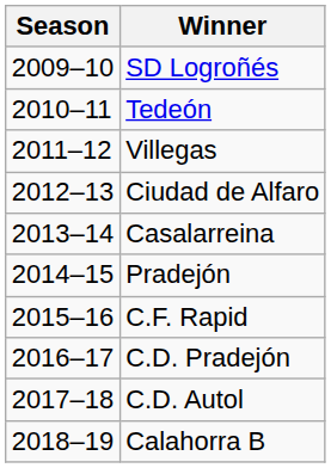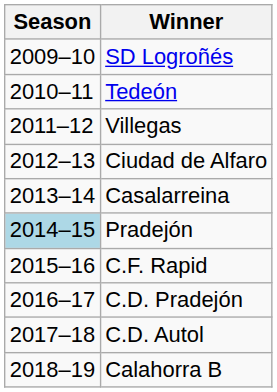 <table class="wikitable">
 <tr>
 <th>Season</th>
 <th>Winner</th>
 </tr>
 <tr>
 <td>2009–10</td>
 <td><a href='#'>SD Logroñés</a></td>
 </tr>
 <tr>
 <td>2010–11</td>
 <td><a href='#'>Tedeón</a></td>
 </tr>
 <tr>
 <td>2011–12</td>
 <td>Villegas</td>
 </tr>
 <tr>
 <td>2012–13</td>
 <td>Ciudad de Alfaro</td>
 </tr>
 <tr>
 <td>2013–14</td>
 <td>Casalarreina</td>
 </tr>
 <tr>
-<td>2014–15</td>
+<td style="background: lightblue;">2014–15</td>
 <td>Pradejón</td>
 </tr>
 <tr>
 <td>2015–16</td>
 <td>C.F. Rapid</td>
 </tr>
 <tr>
 <td>2016–17</td>
 <td>C.D. Pradejón</td>
 </tr>
 <tr>
 <td>2017–18</td>
 <td>C.D. Autol</td>
 </tr>
 <tr>
 <td>2018–19</td>
 <td>Calahorra B</td>
 </tr>
 </table>
